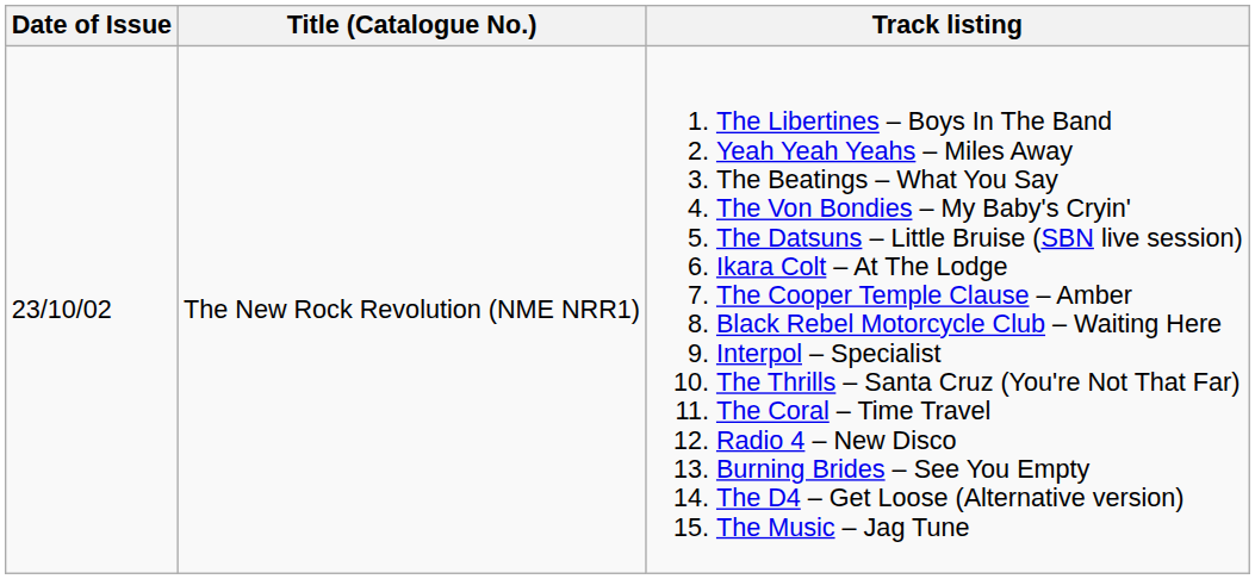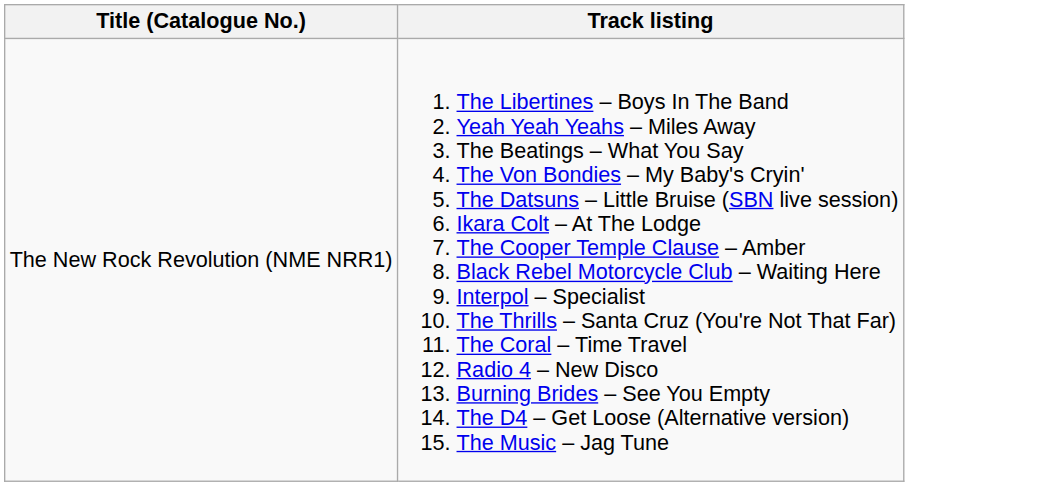 <table class="wikitable">
 <tr>
-<th>Date of Issue</th>
 <th>Title (Catalogue No.)</th>
 <th>Track listing</th>
 </tr>
 <tr>
-<td>23/10/02</td>
 <td>The New Rock Revolution (NME NRR1)</td>
 <td><br><ol><li><a href='#'>The Libertines</a> – Boys In The Band</li><li><a href='#'>Yeah Yeah Yeahs</a> – Miles Away</li><li>The Beatings – What You Say</li><li><a href='#'>The Von Bondies</a> – My Baby's Cryin'</li><li><a href='#'>The Datsuns</a> – Little Bruise (<a href='#'>SBN</a> live session)</li><li><a href='#'>Ikara Colt</a> – At The Lodge</li><li><a href='#'>The Cooper Temple Clause</a> – Amber</li><li><a href='#'>Black Rebel Motorcycle Club</a> – Waiting Here</li><li><a href='#'>Interpol</a> – Specialist</li><li><a href='#'>The Thrills</a> – Santa Cruz (You're Not That Far)</li><li><a href='#'>The Coral</a> – Time Travel</li><li><a href='#'>Radio 4</a> – New Disco</li><li><a href='#'>Burning Brides</a> – See You Empty</li><li><a href='#'>The D4</a> – Get Loose (Alternative version)</li><li><a href='#'>The Music</a> – Jag Tune</li></ol></td>
 </tr>
 </table>
